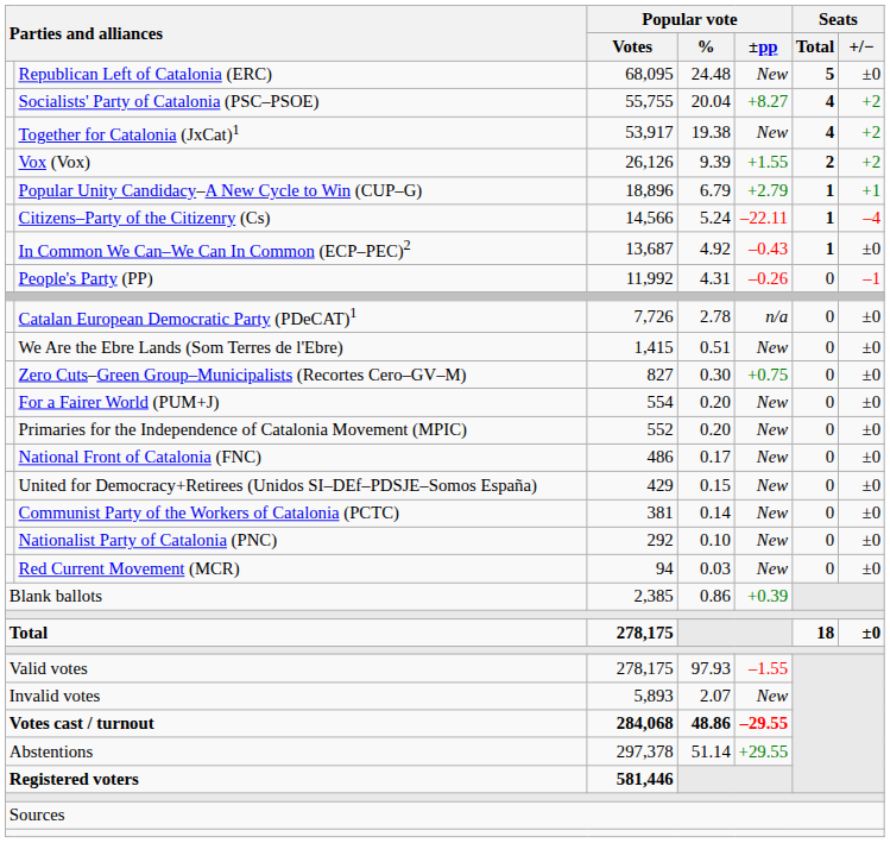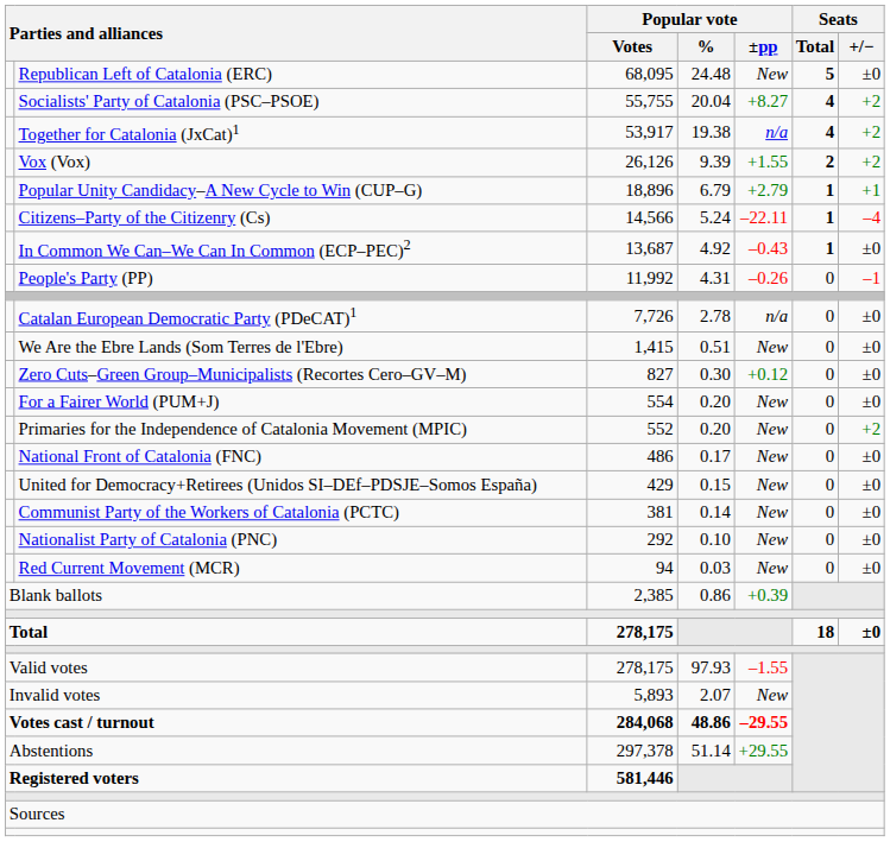 <table class="wikitable" style="text-align:right;">
 <tr>
 <th style="text-align:left;" rowspan="2" colspan="2" width="525">Parties and alliances</th>
 <th colspan="3">Popular vote</th>
 <th colspan="2">Seats</th>
 </tr>
 <tr>
 <th width="75">Votes</th>
 <th width="45">%</th>
 <th width="45">±<a href='#'>pp</a></th>
 <th width="35">Total</th>
 <th width="35">+/−</th>
 </tr>
 <tr>
 <td width="1" style="color:inherit;background:"></td>
 <td align="left"><a href='#'>Republican Left of Catalonia</a> (ERC)</td>
 <td>68,095</td>
 <td>24.48</td>
 <td><em>New</em></td>
 <td><strong>5</strong></td>
 <td>±0</td>
 </tr>
 <tr>
 <td style="color:inherit;background:"></td>
 <td align="left"><a href='#'>Socialists' Party of Catalonia</a> (PSC–PSOE)</td>
 <td>55,755</td>
 <td>20.04</td>
 <td style="color:green;">+8.27</td>
 <td><strong>4</strong></td>
 <td style="color:green;">+2</td>
 </tr>
 <tr>
 <td style="color:inherit;background:"></td>
 <td align="left"><a href='#'>Together for Catalonia</a> (JxCat)<sup>1</sup></td>
 <td>53,917</td>
 <td>19.38</td>
-<td><em>New</em></td>
+<td><em><a href='#'>n/a</a></em></td>
 <td><strong>4</strong></td>
 <td style="color:green;">+2</td>
 </tr>
 <tr>
 <td style="color:inherit;background:"></td>
 <td align="left"><a href='#'>Vox</a> (Vox)</td>
 <td>26,126</td>
 <td>9.39</td>
 <td style="color:green;">+1.55</td>
 <td><strong>2</strong></td>
 <td style="color:green;">+2</td>
 </tr>
 <tr>
 <td style="color:inherit;background:"></td>
 <td align="left"><a href='#'>Popular Unity Candidacy</a>–<a href='#'>A New Cycle to Win</a> (CUP–G)</td>
 <td>18,896</td>
 <td>6.79</td>
 <td style="color:green;">+2.79</td>
 <td><strong>1</strong></td>
 <td style="color:green;">+1</td>
 </tr>
 <tr>
 <td style="color:inherit;background:"></td>
 <td align="left"><a href='#'>Citizens–Party of the Citizenry</a> (Cs)</td>
 <td>14,566</td>
 <td>5.24</td>
 <td style="color:red;">–22.11</td>
 <td><strong>1</strong></td>
 <td style="color:red;">–4</td>
 </tr>
 <tr>
 <td style="color:inherit;background:"></td>
 <td align="left"><a href='#'>In Common We Can–We Can In Common</a> (ECP–PEC)<sup>2</sup></td>
 <td>13,687</td>
 <td>4.92</td>
 <td style="color:red;">–0.43</td>
 <td><strong>1</strong></td>
 <td>±0</td>
 </tr>
 <tr>
 <td style="color:inherit;background:"></td>
 <td align="left"><a href='#'>People's Party</a> (PP)</td>
 <td>11,992</td>
 <td>4.31</td>
 <td style="color:red;">–0.26</td>
 <td>0</td>
 <td style="color:red;">–1</td>
 </tr>
 <tr>
 <td colspan="7" bgcolor="#C0C0C0"></td>
 </tr>
 <tr>
 <td style="color:inherit;background:"></td>
 <td align="left"><a href='#'>Catalan European Democratic Party</a> (PDeCAT)<sup>1</sup></td>
 <td>7,726</td>
 <td>2.78</td>
 <td><em>n/a</em></td>
 <td>0</td>
 <td>±0</td>
 </tr>
 <tr>
 <td style="color:inherit;background:"></td>
 <td align="left">We Are the Ebre Lands (Som Terres de l'Ebre)</td>
 <td>1,415</td>
 <td>0.51</td>
 <td><em>New</em></td>
 <td>0</td>
 <td>±0</td>
 </tr>
 <tr>
 <td style="color:inherit;background:"></td>
 <td align="left"><a href='#'>Zero Cuts</a>–<a href='#'>Green Group–Municipalists</a> (Recortes Cero–GV–M)</td>
 <td>827</td>
 <td>0.30</td>
-<td style="color:green;">+0.75</td>
+<td style="color:green;">+0.12</td>
 <td>0</td>
 <td>±0</td>
 </tr>
 <tr>
 <td style="color:inherit;background:"></td>
 <td align="left"><a href='#'>For a Fairer World</a> (PUM+J)</td>
 <td>554</td>
 <td>0.20</td>
 <td><em>New</em></td>
 <td>0</td>
 <td>±0</td>
 </tr>
 <tr>
 <td style="color:inherit;background:"></td>
 <td align="left">Primaries for the Independence of Catalonia Movement (MPIC)</td>
 <td>552</td>
 <td>0.20</td>
 <td><em>New</em></td>
 <td>0</td>
-<td>±0</td>
+<td style="color:green;">+2</td>
 </tr>
 <tr>
 <td style="color:inherit;background:"></td>
 <td align="left"><a href='#'>National Front of Catalonia</a> (FNC)</td>
 <td>486</td>
 <td>0.17</td>
 <td><em>New</em></td>
 <td>0</td>
 <td>±0</td>
 </tr>
 <tr>
 <td style="color:inherit;background:"></td>
 <td align="left">United for Democracy+Retirees (Unidos SI–DEf–PDSJE–Somos España)</td>
 <td>429</td>
 <td>0.15</td>
 <td><em>New</em></td>
 <td>0</td>
 <td>±0</td>
 </tr>
 <tr>
 <td style="color:inherit;background:"></td>
 <td align="left"><a href='#'>Communist Party of the Workers of Catalonia</a> (PCTC)</td>
 <td>381</td>
 <td>0.14</td>
 <td><em>New</em></td>
 <td>0</td>
 <td>±0</td>
 </tr>
 <tr>
 <td style="color:inherit;background:"></td>
 <td align="left"><a href='#'>Nationalist Party of Catalonia</a> (PNC)</td>
 <td>292</td>
 <td>0.10</td>
 <td><em>New</em></td>
 <td>0</td>
 <td>±0</td>
 </tr>
 <tr>
 <td style="color:inherit;background:"></td>
 <td align="left"><a href='#'>Red Current Movement</a> (MCR)</td>
 <td>94</td>
 <td>0.03</td>
 <td><em>New</em></td>
 <td>0</td>
 <td>±0</td>
 </tr>
 <tr>
 <td align="left" colspan="2">Blank ballots</td>
 <td>2,385</td>
 <td>0.86</td>
 <td style="color:green;">+0.39</td>
 <td bgcolor="#E9E9E9" colspan="2"></td>
 </tr>
 <tr>
 <td colspan="7" bgcolor="#E9E9E9"></td>
 </tr>
 <tr style="font-weight:bold;">
 <td align="left" colspan="2">Total</td>
 <td>278,175</td>
 <td bgcolor="#E9E9E9" colspan="2"></td>
 <td>18</td>
 <td>±0</td>
 </tr>
 <tr>
 <td colspan="7" bgcolor="#E9E9E9"></td>
 </tr>
 <tr>
 <td align="left" colspan="2">Valid votes</td>
 <td>278,175</td>
 <td>97.93</td>
 <td style="color:red;">–1.55</td>
 <td bgcolor="#E9E9E9" colspan="2" rowspan="5"></td>
 </tr>
 <tr>
 <td align="left" colspan="2">Invalid votes</td>
 <td>5,893</td>
 <td>2.07</td>
 <td><em>New</em></td>
 </tr>
 <tr style="font-weight:bold;">
 <td align="left" colspan="2">Votes cast / turnout</td>
 <td>284,068</td>
 <td>48.86</td>
 <td style="color:red;">–29.55</td>
 </tr>
 <tr>
 <td align="left" colspan="2">Abstentions</td>
 <td>297,378</td>
 <td>51.14</td>
 <td style="color:green;">+29.55</td>
 </tr>
 <tr style="font-weight:bold;">
 <td align="left" colspan="2">Registered voters</td>
 <td>581,446</td>
 <td bgcolor="#E9E9E9" colspan="2"></td>
 </tr>
 <tr>
 <td colspan="7" bgcolor="#E9E9E9"></td>
 </tr>
 <tr>
 <td align="left" colspan="7">Sources</td>
 </tr>
 <tr>
 <td colspan="7" style="text-align:left; max-width:790px;"></td>
 </tr>
 </table>
